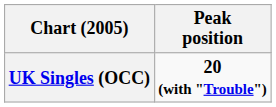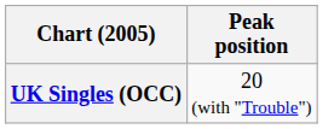 <table class="wikitable sortable plainrowheaders" style="text-align:center">
 <tr>
 <th>Chart (2005)</th>
 <th>Peak<br>position</th>
 </tr>
 <tr>
 <th scope="row"><a href='#'>UK Singles</a> (OCC)</th>
-<td><strong>20<br><small>(with "<a href='#'>Trouble</a>")</small></strong></td>
+<td>20<br><small>(with "<a href='#'>Trouble</a>")</small></td>
 </tr>
 </table>
